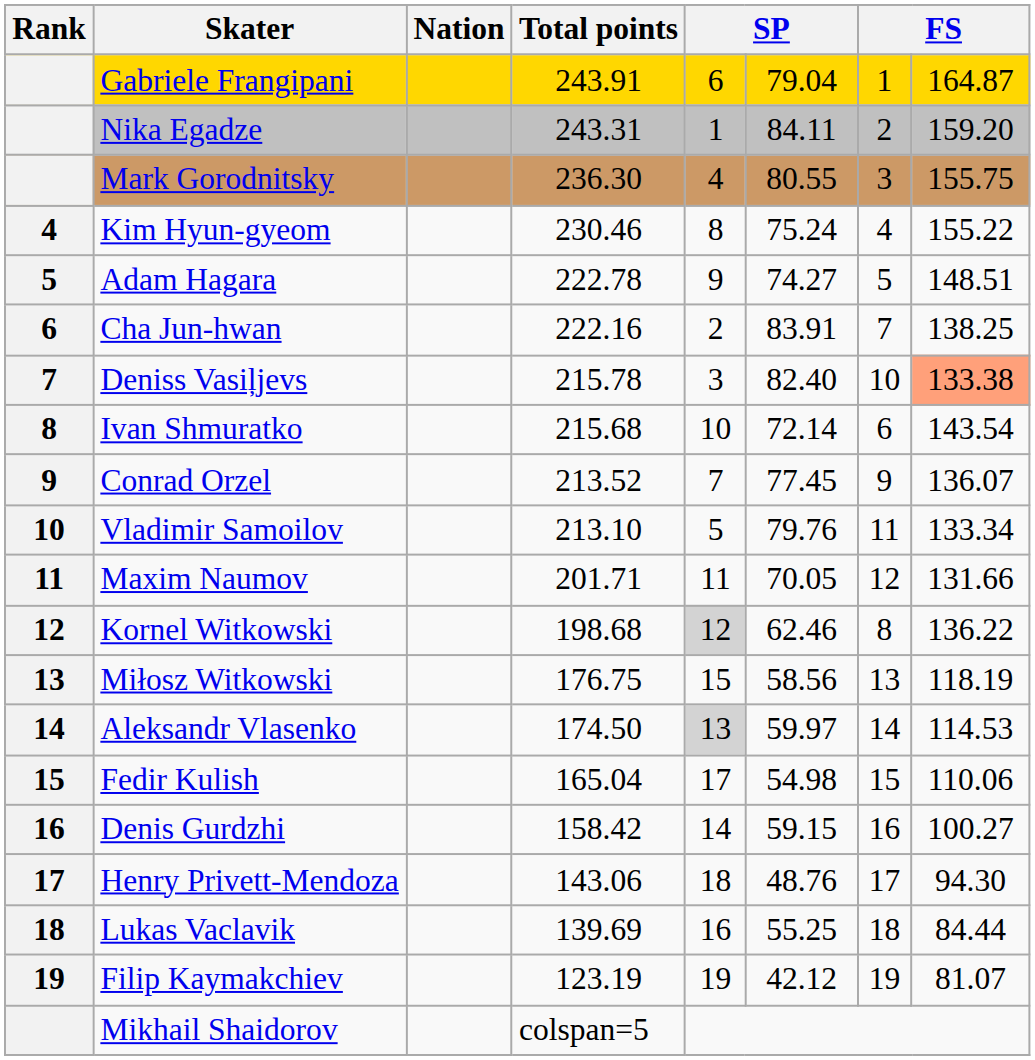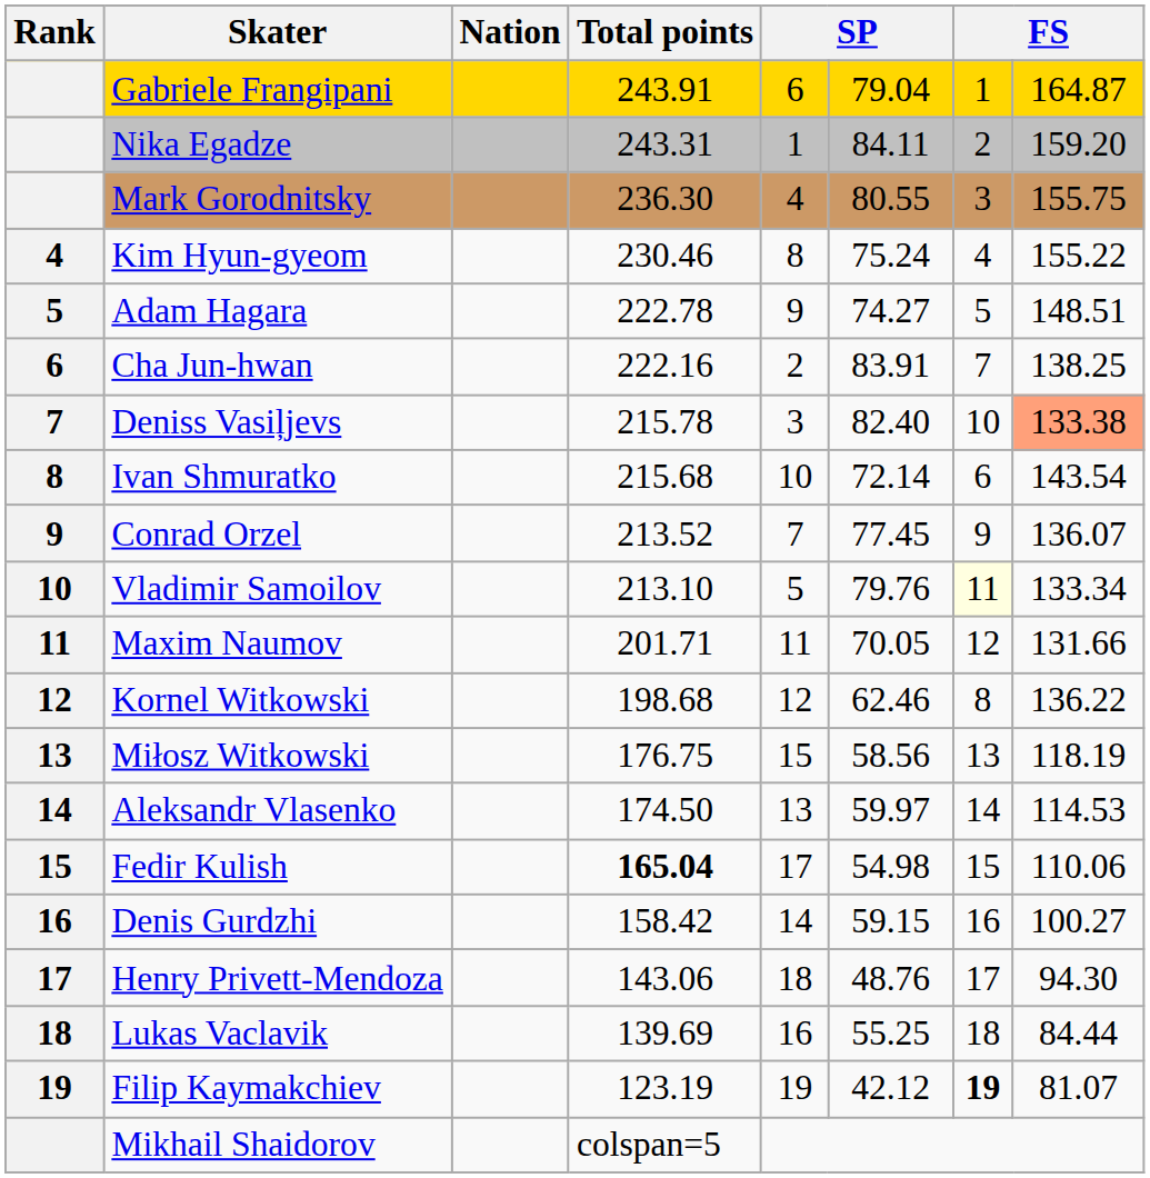 <table class="wikitable sortable" style="text-align:left">
 <tr>
 <th scope="col">Rank</th>
 <th scope="col">Skater</th>
 <th scope="col">Nation</th>
 <th scope="col">Total points</th>
 <th scope="col" colspan="2" width="80px"><a href='#'>SP</a></th>
 <th scope="col" colspan="2" width="80px"><a href='#'>FS</a></th>
 </tr>
 <tr bgcolor="gold">
 <th scope="row"></th>
 <td><a href='#'>Gabriele Frangipani</a></td>
 <td></td>
 <td align="center">243.91</td>
 <td align="center">6</td>
 <td align="center">79.04</td>
 <td align="center">1</td>
 <td align="center">164.87</td>
 </tr>
 <tr bgcolor="silver">
 <th scope="row" align="center"></th>
 <td><a href='#'>Nika Egadze</a></td>
 <td></td>
 <td align="center">243.31</td>
 <td align="center">1</td>
 <td align="center">84.11</td>
 <td align="center">2</td>
 <td align="center">159.20</td>
 </tr>
 <tr bgcolor="cc9966">
 <th scope="row" align="center"></th>
 <td><a href='#'>Mark Gorodnitsky</a></td>
 <td></td>
 <td align="center">236.30</td>
 <td align="center">4</td>
 <td align="center">80.55</td>
 <td align="center">3</td>
 <td align="center">155.75</td>
 </tr>
 <tr>
 <th scope="row">4</th>
 <td><a href='#'>Kim Hyun-gyeom</a></td>
 <td></td>
 <td align="center">230.46</td>
 <td align="center">8</td>
 <td align="center">75.24</td>
 <td align="center">4</td>
 <td align="center">155.22</td>
 </tr>
 <tr>
 <th scope="row">5</th>
 <td><a href='#'>Adam Hagara</a></td>
 <td></td>
 <td align="center">222.78</td>
 <td align="center">9</td>
 <td align="center">74.27</td>
 <td align="center">5</td>
 <td align="center">148.51</td>
 </tr>
 <tr>
 <th scope="row">6</th>
 <td><a href='#'>Cha Jun-hwan</a></td>
 <td></td>
 <td align="center">222.16</td>
 <td align="center">2</td>
 <td align="center">83.91</td>
 <td align="center">7</td>
 <td align="center">138.25</td>
 </tr>
 <tr>
 <th scope="row">7</th>
 <td><a href='#'>Deniss Vasiļjevs</a></td>
 <td></td>
 <td align="center">215.78</td>
 <td align="center">3</td>
 <td align="center">82.40</td>
 <td align="center">10</td>
 <td align="center" style="background: lightsalmon;">133.38</td>
 </tr>
 <tr>
 <th scope="row">8</th>
 <td><a href='#'>Ivan Shmuratko</a></td>
 <td></td>
 <td align="center">215.68</td>
 <td align="center">10</td>
 <td align="center">72.14</td>
 <td align="center">6</td>
 <td align="center">143.54</td>
 </tr>
 <tr>
 <th scope="row">9</th>
 <td><a href='#'>Conrad Orzel</a></td>
 <td></td>
 <td align="center">213.52</td>
 <td align="center">7</td>
 <td align="center">77.45</td>
 <td align="center">9</td>
 <td align="center">136.07</td>
 </tr>
 <tr>
 <th scope="row">10</th>
 <td><a href='#'>Vladimir Samoilov</a></td>
 <td></td>
 <td align="center">213.10</td>
 <td align="center">5</td>
 <td align="center">79.76</td>
-<td align="center">11</td>
+<td align="center" style="background: lightyellow;">11</td>
 <td align="center">133.34</td>
 </tr>
 <tr>
 <th scope="row">11</th>
 <td><a href='#'>Maxim Naumov</a></td>
 <td></td>
 <td align="center">201.71</td>
 <td align="center">11</td>
 <td align="center">70.05</td>
 <td align="center">12</td>
 <td align="center">131.66</td>
 </tr>
 <tr>
 <th scope="row">12</th>
 <td><a href='#'>Kornel Witkowski</a></td>
 <td></td>
 <td align="center">198.68</td>
-<td align="center" style="background: lightgrey;">12</td>
+<td align="center">12</td>
 <td align="center">62.46</td>
 <td align="center">8</td>
 <td align="center">136.22</td>
 </tr>
 <tr>
 <th scope="row">13</th>
 <td><a href='#'>Miłosz Witkowski</a></td>
 <td></td>
 <td align="center">176.75</td>
 <td align="center">15</td>
 <td align="center">58.56</td>
 <td align="center">13</td>
 <td align="center">118.19</td>
 </tr>
 <tr>
 <th scope="row">14</th>
 <td><a href='#'>Aleksandr Vlasenko</a></td>
 <td></td>
 <td align="center">174.50</td>
-<td align="center" style="background: lightgrey;">13</td>
+<td align="center">13</td>
 <td align="center">59.97</td>
 <td align="center">14</td>
 <td align="center">114.53</td>
 </tr>
 <tr>
 <th scope="row">15</th>
 <td><a href='#'>Fedir Kulish</a></td>
 <td></td>
-<td align="center">165.04</td>
+<td align="center"><strong>165.04</strong></td>
 <td align="center">17</td>
 <td align="center">54.98</td>
 <td align="center">15</td>
 <td align="center">110.06</td>
 </tr>
 <tr>
 <th scope="row">16</th>
 <td><a href='#'>Denis Gurdzhi</a></td>
 <td></td>
 <td align="center">158.42</td>
 <td align="center">14</td>
 <td align="center">59.15</td>
 <td align="center">16</td>
 <td align="center">100.27</td>
 </tr>
 <tr>
 <th scope="row">17</th>
 <td><a href='#'>Henry Privett-Mendoza</a></td>
 <td></td>
 <td align="center">143.06</td>
 <td align="center">18</td>
 <td align="center">48.76</td>
 <td align="center">17</td>
 <td align="center">94.30</td>
 </tr>
 <tr>
 <th scope="row">18</th>
 <td><a href='#'>Lukas Vaclavik</a></td>
 <td></td>
 <td align="center">139.69</td>
 <td align="center">16</td>
 <td align="center">55.25</td>
 <td align="center">18</td>
 <td align="center">84.44</td>
 </tr>
 <tr>
 <th scope="row">19</th>
 <td><a href='#'>Filip Kaymakchiev</a></td>
 <td></td>
 <td align="center">123.19</td>
 <td align="center">19</td>
 <td align="center">42.12</td>
-<td align="center">19</td>
+<td align="center"><strong>19</strong></td>
 <td align="center">81.07</td>
 </tr>
 <tr>
 <th scope="row" align="center"></th>
 <td><a href='#'>Mikhail Shaidorov</a></td>
 <td></td>
 <td>colspan=5 </td>
 </tr>
 </table>
